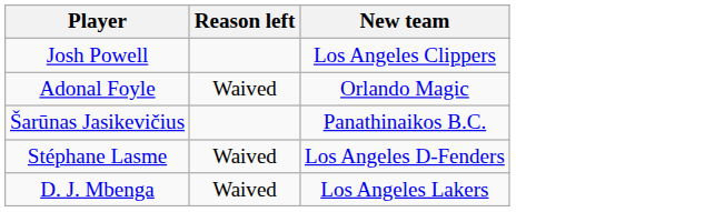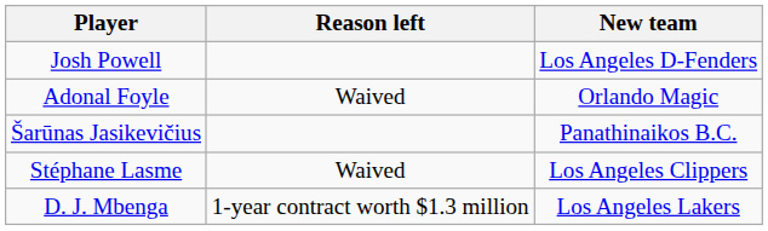 <table class="wikitable sortable sortable" style="text-align: center">
 <tr>
 <th>Player</th>
 <th>Reason left</th>
 <th>New team</th>
 </tr>
 <tr style="text-align: center">
 <td><a href='#'>Josh Powell</a></td>
 <td></td>
-<td><a href='#'>Los Angeles Clippers</a></td>
+<td><a href='#'>Los Angeles D-Fenders</a></td>
 </tr>
 <tr style="text-align: center">
 <td><a href='#'>Adonal Foyle</a></td>
 <td>Waived</td>
 <td><a href='#'>Orlando Magic</a></td>
 </tr>
 <tr style="text-align: center">
 <td><a href='#'>Šarūnas Jasikevičius</a></td>
 <td></td>
 <td><a href='#'>Panathinaikos B.C.</a></td>
 </tr>
 <tr style="text-align: center">
 <td><a href='#'>Stéphane Lasme</a></td>
 <td>Waived</td>
-<td><a href='#'>Los Angeles D-Fenders</a></td>
+<td><a href='#'>Los Angeles Clippers</a></td>
 </tr>
 <tr style="text-align: center">
 <td><a href='#'>D. J. Mbenga</a></td>
-<td>Waived</td>
+<td>1-year contract worth $1.3 million</td>
 <td><a href='#'>Los Angeles Lakers</a></td>
 </tr>
 </table>
